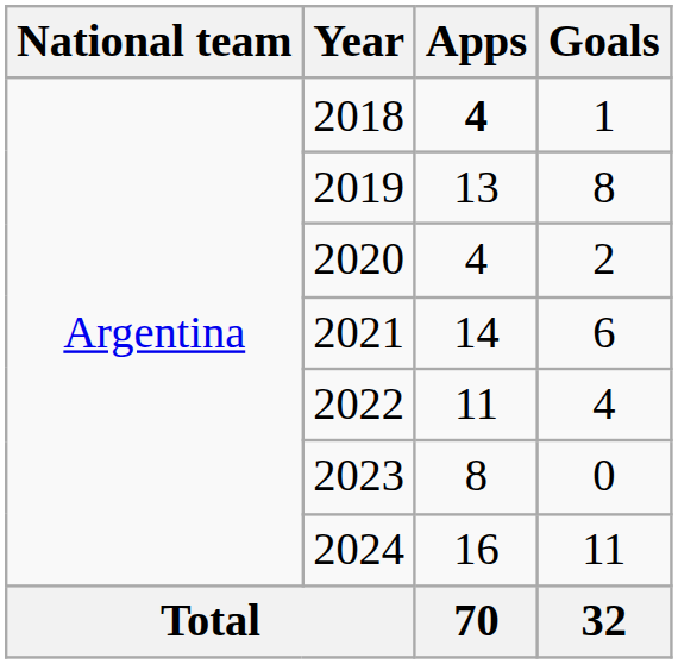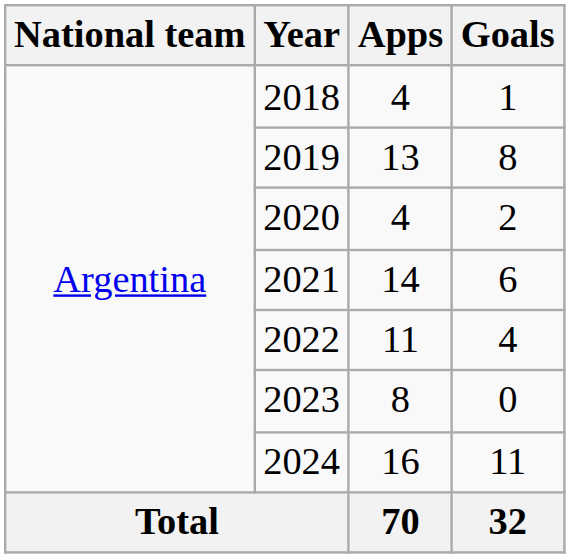 <table class="wikitable" style="text-align:center">
 <tr>
 <th>National team</th>
 <th>Year</th>
 <th>Apps</th>
 <th>Goals</th>
 </tr>
 <tr>
 <td rowspan="7"><a href='#'>Argentina</a></td>
 <td>2018</td>
-<td><strong>4</strong></td>
+<td>4</td>
 <td>1</td>
 </tr>
 <tr>
 <td>2019</td>
 <td>13</td>
 <td>8</td>
 </tr>
 <tr>
 <td>2020</td>
 <td>4</td>
 <td>2</td>
 </tr>
 <tr>
 <td>2021</td>
 <td>14</td>
 <td>6</td>
 </tr>
 <tr>
 <td>2022</td>
 <td>11</td>
 <td>4</td>
 </tr>
 <tr>
 <td>2023</td>
 <td>8</td>
 <td>0</td>
 </tr>
 <tr>
 <td>2024</td>
 <td>16</td>
 <td>11</td>
 </tr>
 <tr>
 <th colspan="2">Total</th>
 <th>70</th>
 <th>32</th>
 </tr>
 </table>
